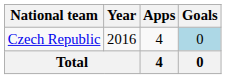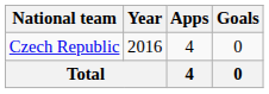 <table class="wikitable" style="text-align:center">
 <tr>
 <th>National team</th>
 <th>Year</th>
 <th>Apps</th>
 <th>Goals</th>
 </tr>
 <tr>
 <td rowspan="1"><a href='#'>Czech Republic</a></td>
 <td>2016</td>
 <td>4</td>
-<td style="background: lightblue;">0</td>
+<td>0</td>
 </tr>
 <tr>
 <th colspan="2">Total</th>
 <th>4</th>
 <th>0</th>
 </tr>
 </table>
